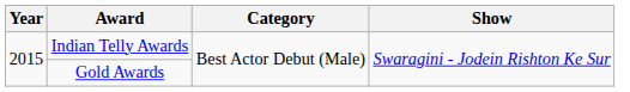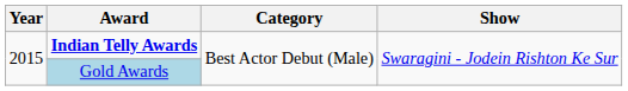 <table class="wikitable sortable" style="text-align:center;">
 <tr>
 <th>Year</th>
 <th>Award</th>
 <th>Category</th>
 <th>Show</th>
 </tr>
 <tr>
 <td rowspan="2">2015</td>
-<td><a href='#'>Indian Telly Awards</a></td>
+<td><strong><a href='#'>Indian Telly Awards</a></strong></td>
 <td rowspan="2">Best Actor Debut (Male)</td>
 <td rowspan="2"><em><a href='#'>Swaragini - Jodein Rishton Ke Sur</a></em></td>
 </tr>
 <tr>
-<td><a href='#'>Gold Awards</a></td>
+<td style="background: lightblue;"><a href='#'>Gold Awards</a></td>
 </tr>
 </table>
